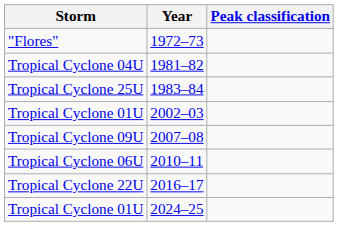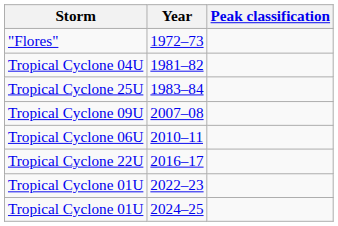 <table class="wikitable" style="display: inline-table; margin-right: 30px;">
 <tr>
 <th>Storm</th>
 <th>Year</th>
 <th><a href='#'>Peak classification</a></th>
 </tr>
 <tr>
 <td><a href='#'>"Flores"</a></td>
 <td><a href='#'>1972–73</a></td>
 <td></td>
 </tr>
 <tr>
 <td><a href='#'>Tropical Cyclone 04U</a></td>
 <td><a href='#'>1981–82</a></td>
 <td></td>
 </tr>
 <tr>
 <td><a href='#'>Tropical Cyclone 25U</a></td>
 <td><a href='#'>1983–84</a></td>
 <td></td>
 </tr>
 <tr>
-<td><a href='#'>Tropical Cyclone 01U</a></td>
-<td><a href='#'>2002–03</a></td>
-<td></td>
-</tr>
-<tr>
 <td><a href='#'>Tropical Cyclone 09U</a></td>
 <td><a href='#'>2007–08</a></td>
 <td></td>
 </tr>
 <tr>
 <td><a href='#'>Tropical Cyclone 06U</a></td>
 <td><a href='#'>2010–11</a></td>
 <td></td>
 </tr>
 <tr>
 <td><a href='#'>Tropical Cyclone 22U</a></td>
 <td><a href='#'>2016–17</a></td>
 <td></td>
 </tr>
 <tr>
 <td><a href='#'>Tropical Cyclone 01U</a></td>
+<td><a href='#'>2022–23</a></td>
+<td></td>
+</tr>
+<tr>
+<td><a href='#'>Tropical Cyclone 01U</a></td>
 <td><a href='#'>2024–25</a></td>
 <td></td>
 </tr>
 </table>
